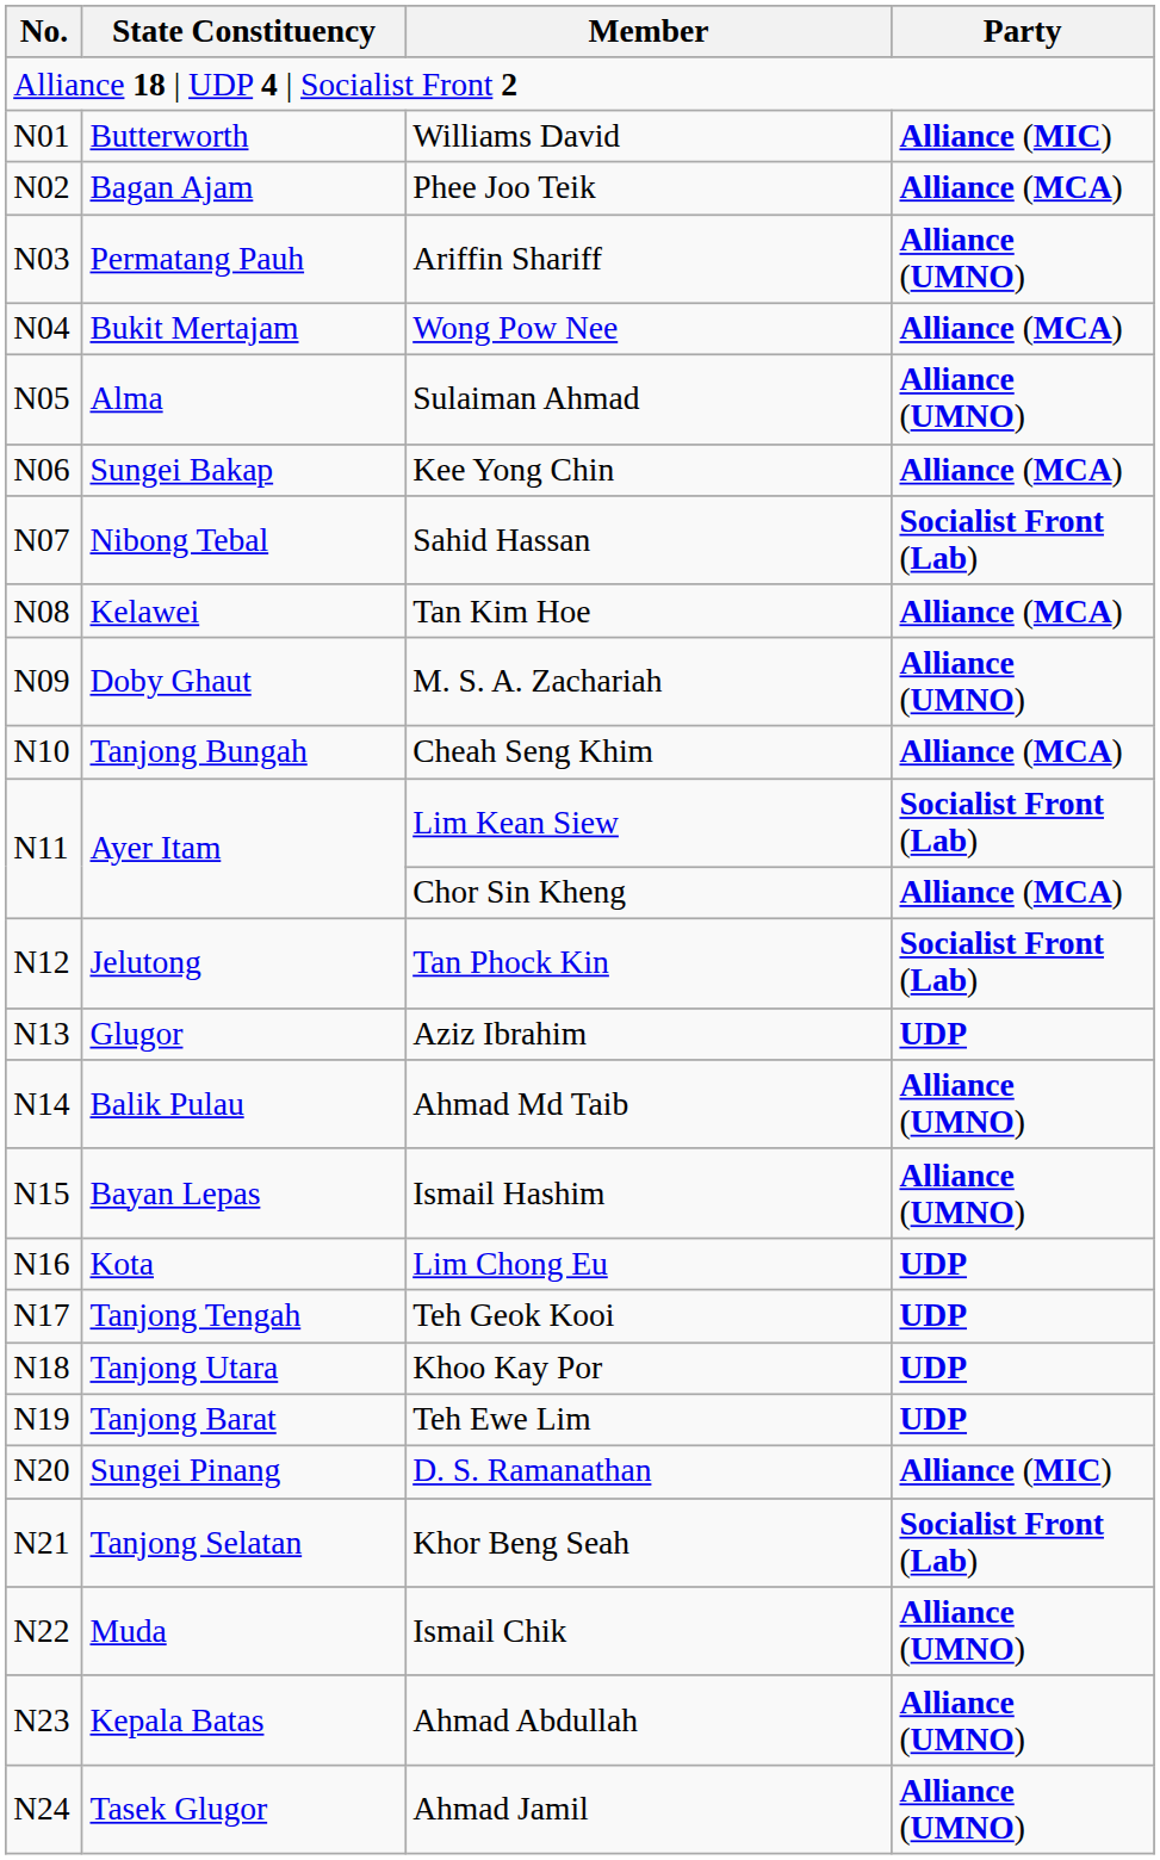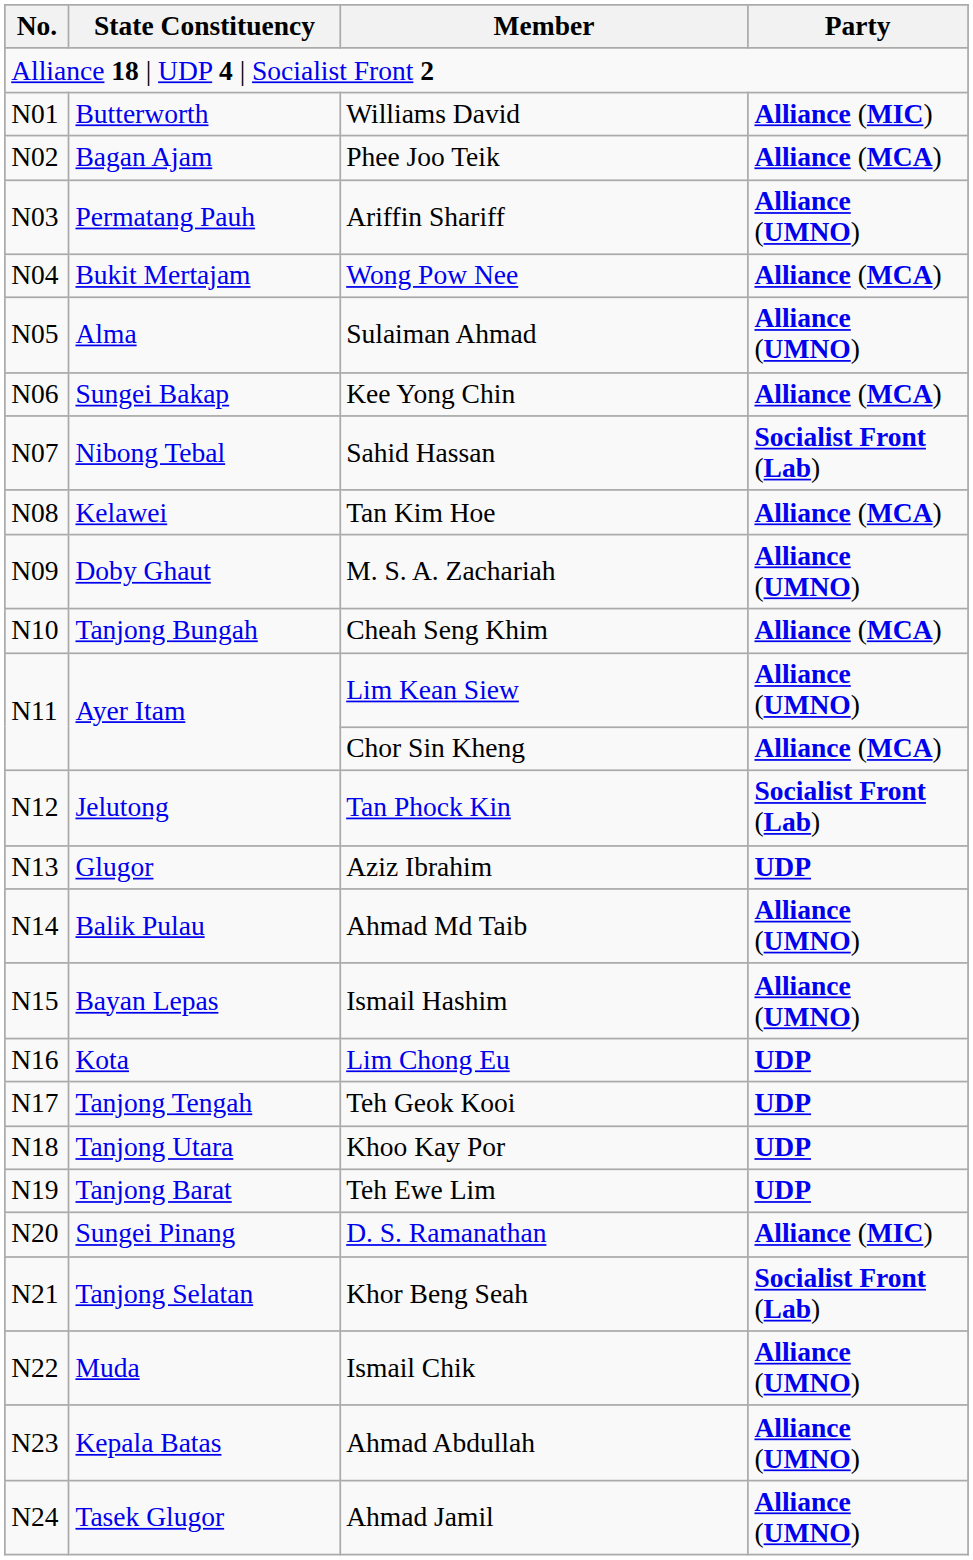 <table class="wikitable sortable">
 <tr>
 <th style="width:30px;">No.</th>
 <th style="width:150px;">State Constituency</th>
 <th style="width:230px;">Member</th>
 <th style="width:120px;">Party</th>
 </tr>
 <tr>
 <td colspan="4"><a href='#'>Alliance</a> <strong>18</strong> | <a href='#'>UDP</a> <strong>4</strong> | <a href='#'>Socialist Front</a> <strong>2</strong></td>
 </tr>
 <tr>
 <td>N01</td>
 <td><a href='#'>Butterworth</a></td>
 <td>Williams David</td>
 <td><strong><a href='#'>Alliance</a></strong> (<strong><a href='#'>MIC</a></strong>)</td>
 </tr>
 <tr>
 <td>N02</td>
 <td><a href='#'>Bagan Ajam</a></td>
 <td>Phee Joo Teik</td>
 <td><strong><a href='#'>Alliance</a></strong> (<strong><a href='#'>MCA</a></strong>)</td>
 </tr>
 <tr>
 <td>N03</td>
 <td><a href='#'>Permatang Pauh</a></td>
 <td>Ariffin Shariff</td>
 <td><strong><a href='#'>Alliance</a></strong> (<strong><a href='#'>UMNO</a></strong>)</td>
 </tr>
 <tr>
 <td>N04</td>
 <td><a href='#'>Bukit Mertajam</a></td>
 <td><a href='#'>Wong Pow Nee</a></td>
 <td><strong><a href='#'>Alliance</a></strong> (<strong><a href='#'>MCA</a></strong>)</td>
 </tr>
 <tr>
 <td>N05</td>
 <td><a href='#'>Alma</a></td>
 <td>Sulaiman Ahmad</td>
 <td><strong><a href='#'>Alliance</a></strong> (<strong><a href='#'>UMNO</a></strong>)</td>
 </tr>
 <tr>
 <td>N06</td>
 <td><a href='#'>Sungei Bakap</a></td>
 <td>Kee Yong Chin</td>
 <td><strong><a href='#'>Alliance</a></strong> (<strong><a href='#'>MCA</a></strong>)</td>
 </tr>
 <tr>
 <td>N07</td>
 <td><a href='#'>Nibong Tebal</a></td>
 <td>Sahid Hassan</td>
 <td><strong><a href='#'>Socialist Front</a></strong> (<strong><a href='#'>Lab</a></strong>)</td>
 </tr>
 <tr>
 <td>N08</td>
 <td><a href='#'>Kelawei</a></td>
 <td>Tan Kim Hoe</td>
 <td><strong><a href='#'>Alliance</a></strong> (<strong><a href='#'>MCA</a></strong>)</td>
 </tr>
 <tr>
 <td>N09</td>
 <td><a href='#'>Doby Ghaut</a></td>
 <td>M. S. A. Zachariah</td>
 <td><strong><a href='#'>Alliance</a></strong> (<strong><a href='#'>UMNO</a></strong>)</td>
 </tr>
 <tr>
 <td>N10</td>
 <td><a href='#'>Tanjong Bungah</a></td>
 <td>Cheah Seng Khim</td>
 <td><strong><a href='#'>Alliance</a></strong> (<strong><a href='#'>MCA</a></strong>)</td>
 </tr>
 <tr>
 <td rowspan=2>N11</td>
 <td rowspan=2><a href='#'>Ayer Itam</a></td>
 <td><a href='#'>Lim Kean Siew</a> </td>
-<td><strong><a href='#'>Socialist Front</a></strong> (<strong><a href='#'>Lab</a></strong>)</td>
+<td><strong><a href='#'>Alliance</a></strong> (<strong><a href='#'>UMNO</a></strong>)</td>
 </tr>
 <tr>
 <td>Chor Sin Kheng </td>
 <td><strong><a href='#'>Alliance</a></strong> (<strong><a href='#'>MCA</a></strong>)</td>
 </tr>
 <tr>
 <td>N12</td>
 <td><a href='#'>Jelutong</a></td>
 <td><a href='#'>Tan Phock Kin</a></td>
 <td><strong><a href='#'>Socialist Front</a></strong> (<strong><a href='#'>Lab</a></strong>)</td>
 </tr>
 <tr>
 <td>N13</td>
 <td><a href='#'>Glugor</a></td>
 <td>Aziz Ibrahim</td>
 <td><strong><a href='#'>UDP</a></strong></td>
 </tr>
 <tr>
 <td>N14</td>
 <td><a href='#'>Balik Pulau</a></td>
 <td>Ahmad Md Taib</td>
 <td><strong><a href='#'>Alliance</a></strong> (<strong><a href='#'>UMNO</a></strong>)</td>
 </tr>
 <tr>
 <td>N15</td>
 <td><a href='#'>Bayan Lepas</a></td>
 <td>Ismail Hashim</td>
 <td><strong><a href='#'>Alliance</a></strong> (<strong><a href='#'>UMNO</a></strong>)</td>
 </tr>
 <tr>
 <td>N16</td>
 <td><a href='#'>Kota</a></td>
 <td><a href='#'>Lim Chong Eu</a></td>
 <td><strong><a href='#'>UDP</a></strong></td>
 </tr>
 <tr>
 <td>N17</td>
 <td><a href='#'>Tanjong Tengah</a></td>
 <td>Teh Geok Kooi</td>
 <td><strong><a href='#'>UDP</a></strong></td>
 </tr>
 <tr>
 <td>N18</td>
 <td><a href='#'>Tanjong Utara</a></td>
 <td>Khoo Kay Por</td>
 <td><strong><a href='#'>UDP</a></strong></td>
 </tr>
 <tr>
 <td>N19</td>
 <td><a href='#'>Tanjong Barat</a></td>
 <td>Teh Ewe Lim</td>
 <td><strong><a href='#'>UDP</a></strong></td>
 </tr>
 <tr>
 <td>N20</td>
 <td><a href='#'>Sungei Pinang</a></td>
 <td><a href='#'>D. S. Ramanathan</a></td>
 <td><strong><a href='#'>Alliance</a></strong> (<strong><a href='#'>MIC</a></strong>)</td>
 </tr>
 <tr>
 <td>N21</td>
 <td><a href='#'>Tanjong Selatan</a></td>
 <td>Khor Beng Seah</td>
 <td><strong><a href='#'>Socialist Front</a></strong> (<strong><a href='#'>Lab</a></strong>)</td>
 </tr>
 <tr>
 <td>N22</td>
 <td><a href='#'>Muda</a></td>
 <td>Ismail Chik</td>
 <td><strong><a href='#'>Alliance</a></strong> (<strong><a href='#'>UMNO</a></strong>)</td>
 </tr>
 <tr>
 <td>N23</td>
 <td><a href='#'>Kepala Batas</a></td>
 <td>Ahmad Abdullah</td>
 <td><strong><a href='#'>Alliance</a></strong> (<strong><a href='#'>UMNO</a></strong>)</td>
 </tr>
 <tr>
 <td>N24</td>
 <td><a href='#'>Tasek Glugor</a></td>
 <td>Ahmad Jamil</td>
 <td><strong><a href='#'>Alliance</a></strong> (<strong><a href='#'>UMNO</a></strong>)</td>
 </tr>
 </table>
